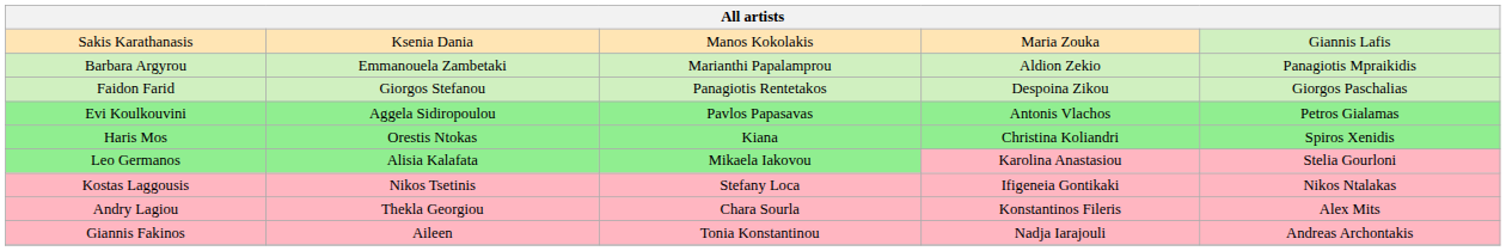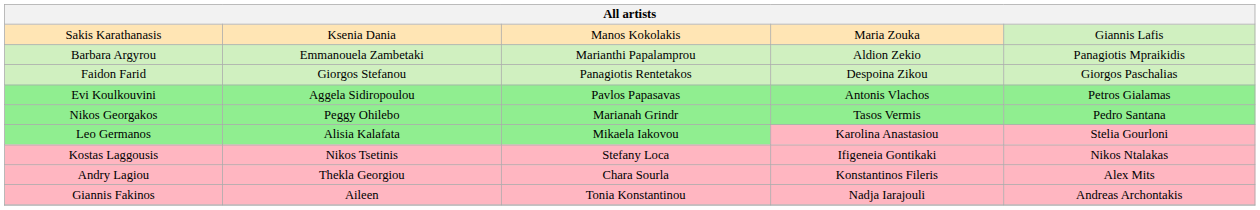 <table class="wikitable" style="text-align:center; width:100%;">
 <tr>
 <th scope="col" style="width:84%;" colspan="5">All artists</th>
 </tr>
 <tr>
 <td style="background-color:#ffe5b4;">Sakis Karathanasis</td>
 <td style="background-color:#ffe5b4;">Ksenia Dania</td>
 <td style="background-color:#ffe5b4;">Manos Kokolakis</td>
 <td style="background-color:#ffe5b4;">Maria Zouka</td>
 <td style="background-color:#d0f0c0;">Giannis Lafis</td>
 </tr>
 <tr>
 <td style="background-color:#d0f0c0;:">Barbara Argyrou</td>
 <td style="background-color:#d0f0c0;">Emmanouela Zambetaki</td>
 <td style="background-color:#d0f0c0;">Marianthi Papalamprou</td>
 <td style="background-color:#d0f0c0;">Aldion Zekio</td>
 <td style="background-color:#d0f0c0;">Panagiotis Mpraikidis</td>
 </tr>
 <tr>
 <td style="background-color:#d0f0c0;">Faidon Farid</td>
 <td style="background-color:#d0f0c0;">Giorgos Stefanou</td>
 <td style="background-color:#d0f0c0;">Panagiotis Rentetakos</td>
 <td style="background-color:#d0f0c0;">Despoina Zikou</td>
 <td style="background-color:#d0f0c0;">Giorgos Paschalias</td>
 </tr>
 <tr>
 <td style="background-color:lightgreen;">Evi Koulkouvini</td>
 <td style="background-color:lightgreen;">Aggela Sidiropoulou</td>
 <td style="background-color:lightgreen;">Pavlos Papasavas</td>
 <td style="background-color:lightgreen;">Antonis Vlachos</td>
 <td style="background-color:lightgreen;">Petros Gialamas</td>
 </tr>
 <tr>
-<td style="background-color:lightgreen;">Haris Mos</td>
-<td style="background-color:lightgreen;">Orestis Ntokas</td>
-<td style="background-color:lightgreen;">Kiana</td>
-<td style="background-color:lightgreen;">Christina Koliandri</td>
-<td style="background-color:lightgreen;">Spiros Xenidis</td>
+<td style="background-color:lightgreen;">Nikos Georgakos</td>
+<td style="background-color:lightgreen;">Peggy Ohilebo</td>
+<td style="background-color:lightgreen;">Marianah Grindr</td>
+<td style="background-color:lightgreen;">Tasos Vermis</td>
+<td style="background-color:lightgreen;">Pedro Santana</td>
 </tr>
 <tr>
 <td style="background-color:lightgreen;">Leo Germanos</td>
 <td style="background-color:lightgreen;">Alisia Kalafata</td>
 <td style="background-color:lightgreen;">Mikaela Iakovou</td>
 <td style="background-color:#FFB6C1;">Karolina Anastasiou</td>
 <td style="background-color:#FFB6C1;">Stelia Gourloni</td>
 </tr>
 <tr>
 <td style="background-color:#FFB6C1;">Kostas Laggousis</td>
 <td style="background-color:#FFB6C1;">Nikos Tsetinis</td>
 <td style="background-color:#FFB6C1;">Stefany Loca</td>
 <td style="background-color:#FFB6C1;">Ifigeneia Gontikaki</td>
 <td style="background-color:#FFB6C1;">Nikos Ntalakas</td>
 </tr>
 <tr>
 <td style="background-color:#FFB6C1;">Andry Lagiou</td>
 <td style="background-color:#FFB6C1;">Thekla Georgiou</td>
 <td style="background-color:#FFB6C1;">Chara Sourla</td>
 <td style="background-color:#FFB6C1;">Konstantinos Fileris</td>
 <td style="background-color:#FFB6C1;">Alex Mits</td>
 </tr>
 <tr>
 <td style="background-color:#FFB6C1;">Giannis Fakinos</td>
 <td style="background-color:#FFB6C1;">Aileen</td>
 <td style="background-color:#FFB6C1;">Tonia Konstantinou</td>
 <td style="background-color:#FFB6C1;">Nadja Iarajouli</td>
 <td style="background-color:#FFB6C1;">Andreas Archontakis</td>
 </tr>
 <tr>
 </tr>
 </table>
